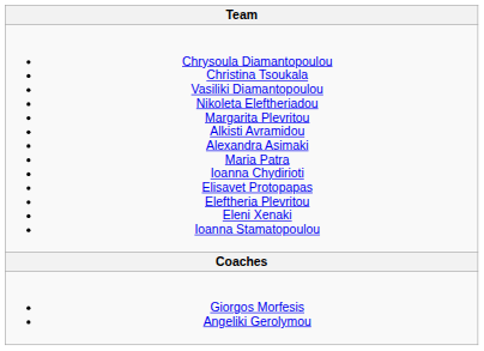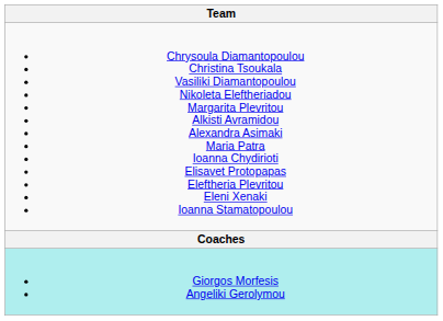 <table class="wikitable" style="text-align: center;">
 <tr>
 <th width=600>Team</th>
 </tr>
 <tr>
 <td><br><ul><li><a href='#'>Chrysoula Diamantopoulou</a></li><li><a href='#'>Christina Tsoukala</a></li><li><a href='#'>Vasiliki Diamantopoulou</a></li><li><a href='#'>Nikoleta Eleftheriadou</a></li><li><a href='#'>Margarita Plevritou</a></li><li><a href='#'>Alkisti Avramidou</a></li><li><a href='#'>Alexandra Asimaki</a></li><li><a href='#'>Maria Patra</a></li><li><a href='#'>Ioanna Chydirioti</a></li><li><a href='#'>Elisavet Protopapas</a></li><li><a href='#'>Eleftheria Plevritou</a></li><li><a href='#'>Eleni Xenaki</a></li><li><a href='#'>Ioanna Stamatopoulou</a></li></ul></td>
 </tr>
 <tr>
 <th width=600>Coaches</th>
 </tr>
 <tr>
-<td><br><ul><li> <a href='#'>Giorgos Morfesis</a></li><li> <a href='#'>Angeliki Gerolymou</a></li></ul></td>
+<td style="background: paleturquoise;"><br><ul><li> <a href='#'>Giorgos Morfesis</a></li><li> <a href='#'>Angeliki Gerolymou</a></li></ul></td>
 </tr>
 </table>
